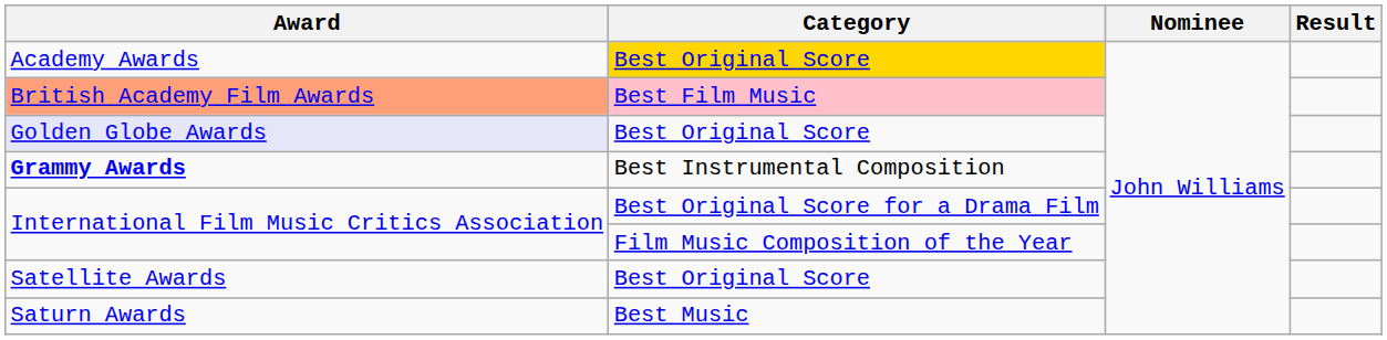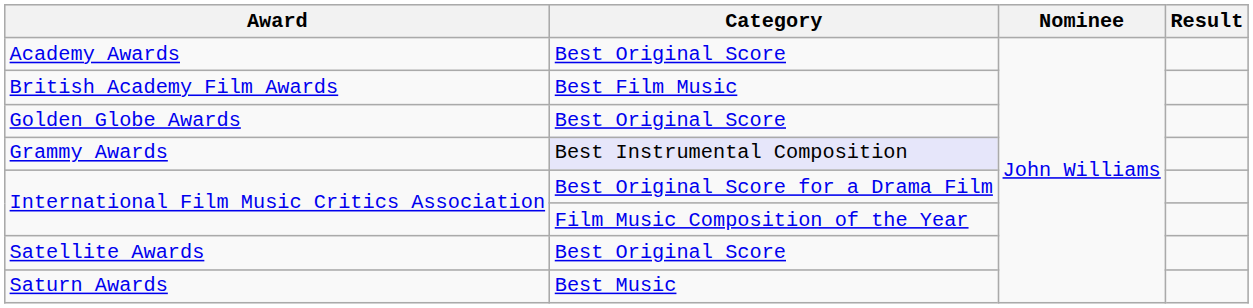 <table class="wikitable">
 <tr>
 <th scope="col">Award</th>
 <th scope="col">Category</th>
 <th scope="col">Nominee</th>
 <th scope="col">Result</th>
 </tr>
 <tr>
 <td><a href='#'>Academy Awards</a></td>
-<td style="background: gold;"><a href='#'>Best Original Score</a></td>
+<td><a href='#'>Best Original Score</a></td>
 <td rowspan="8"><a href='#'>John Williams</a></td>
 <td></td>
 </tr>
 <tr>
-<td style="background: lightsalmon;"><a href='#'>British Academy Film Awards</a></td>
-<td style="background: pink;"><a href='#'>Best Film Music</a></td>
+<td><a href='#'>British Academy Film Awards</a></td>
+<td><a href='#'>Best Film Music</a></td>
 <td></td>
 </tr>
 <tr>
-<td style="background: lavender;"><a href='#'>Golden Globe Awards</a></td>
+<td><a href='#'>Golden Globe Awards</a></td>
 <td><a href='#'>Best Original Score</a></td>
 <td></td>
 </tr>
 <tr>
-<td><strong><a href='#'>Grammy Awards</a></strong></td>
-<td>Best Instrumental Composition</td>
+<td><a href='#'>Grammy Awards</a></td>
+<td style="background: lavender;">Best Instrumental Composition</td>
 <td></td>
 </tr>
 <tr>
 <td rowspan="2"><a href='#'>International Film Music Critics Association</a></td>
 <td><a href='#'>Best Original Score for a Drama Film</a></td>
 <td></td>
 </tr>
 <tr>
 <td><a href='#'>Film Music Composition of the Year</a></td>
 <td></td>
 </tr>
 <tr>
 <td><a href='#'>Satellite Awards</a></td>
 <td><a href='#'>Best Original Score</a></td>
 <td></td>
 </tr>
 <tr>
 <td><a href='#'>Saturn Awards</a></td>
 <td><a href='#'>Best Music</a></td>
 <td></td>
 </tr>
 </table>
